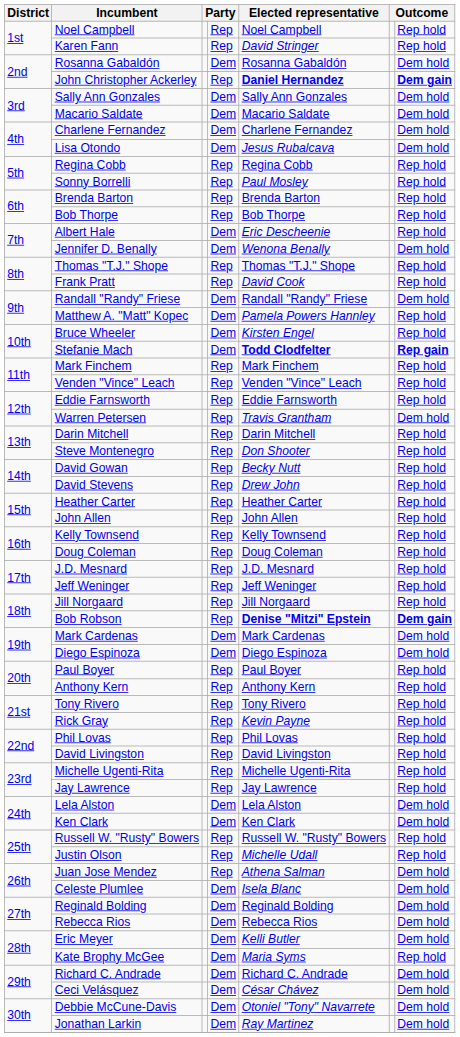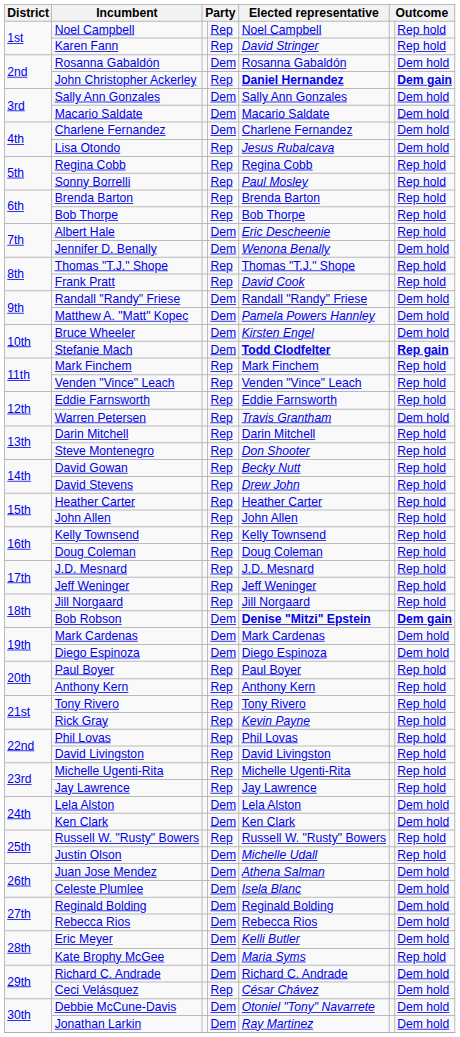 <table class="sortable wikitable" style="font-size:95%;line-height:14px;">
 <tr>
 <th>District</th>
 <th>Incumbent</th>
 <th colspan="2">Party</th>
 <th>Elected representative</th>
 <th colspan="2">Outcome</th>
 </tr>
 <tr>
 <td rowspan="2"><a href='#'>1st</a></td>
 <td><a href='#'>Noel Campbell</a></td>
 <td style="background:"></td>
 <td><a href='#'>Rep</a></td>
 <td><a href='#'>Noel Campbell</a></td>
 <td style="background:"></td>
 <td><a href='#'>Rep hold</a></td>
 </tr>
 <tr>
 <td><a href='#'>Karen Fann</a></td>
 <td style="background:"></td>
 <td><a href='#'>Rep</a></td>
 <td><em><a href='#'>David Stringer</a></em></td>
 <td style="background:"></td>
 <td><a href='#'>Rep hold</a></td>
 </tr>
 <tr>
 <td rowspan="2"><a href='#'>2nd</a></td>
 <td><a href='#'>Rosanna Gabaldón</a></td>
 <td style="background:"></td>
 <td><a href='#'>Dem</a></td>
 <td><a href='#'>Rosanna Gabaldón</a></td>
 <td style="background:"></td>
 <td><a href='#'>Dem hold</a></td>
 </tr>
 <tr>
 <td><a href='#'>John Christopher Ackerley</a></td>
 <td style="background:"></td>
 <td><a href='#'>Rep</a></td>
 <td><strong><a href='#'>Daniel Hernandez</a></strong></td>
 <td style="background:"></td>
 <td><strong><a href='#'>Dem gain</a></strong></td>
 </tr>
 <tr>
 <td rowspan="2"><a href='#'>3rd</a></td>
 <td><a href='#'>Sally Ann Gonzales</a></td>
 <td style="background:"></td>
 <td><a href='#'>Dem</a></td>
 <td><a href='#'>Sally Ann Gonzales</a></td>
 <td style="background:"></td>
 <td><a href='#'>Dem hold</a></td>
 </tr>
 <tr>
 <td><a href='#'>Macario Saldate</a></td>
 <td style="background:"></td>
 <td><a href='#'>Dem</a></td>
 <td><a href='#'>Macario Saldate</a></td>
 <td style="background:"></td>
 <td><a href='#'>Dem hold</a></td>
 </tr>
 <tr>
 <td rowspan="2"><a href='#'>4th</a></td>
 <td><a href='#'>Charlene Fernandez</a></td>
 <td style="background:"></td>
 <td><a href='#'>Dem</a></td>
 <td><a href='#'>Charlene Fernandez</a></td>
 <td style="background:"></td>
 <td><a href='#'>Dem hold</a></td>
 </tr>
 <tr>
 <td><a href='#'>Lisa Otondo</a></td>
 <td style="background:"></td>
-<td><a href='#'>Dem</a></td>
+<td><a href='#'>Rep</a></td>
 <td><em><a href='#'>Jesus Rubalcava</a></em></td>
 <td style="background:"></td>
 <td><a href='#'>Dem hold</a></td>
 </tr>
 <tr>
 <td rowspan="2"><a href='#'>5th</a></td>
 <td><a href='#'>Regina Cobb</a></td>
 <td style="background:"></td>
 <td><a href='#'>Rep</a></td>
 <td><a href='#'>Regina Cobb</a></td>
 <td style="background:"></td>
 <td><a href='#'>Rep hold</a></td>
 </tr>
 <tr>
 <td><a href='#'>Sonny Borrelli</a></td>
 <td style="background:"></td>
 <td><a href='#'>Rep</a></td>
 <td><em><a href='#'>Paul Mosley</a></em></td>
 <td style="background:"></td>
 <td><a href='#'>Rep hold</a></td>
 </tr>
 <tr>
 <td rowspan="2"><a href='#'>6th</a></td>
 <td><a href='#'>Brenda Barton</a></td>
 <td style="background:"></td>
 <td><a href='#'>Rep</a></td>
 <td><a href='#'>Brenda Barton</a></td>
 <td style="background:"></td>
 <td><a href='#'>Rep hold</a></td>
 </tr>
 <tr>
 <td><a href='#'>Bob Thorpe</a></td>
 <td style="background:"></td>
 <td><a href='#'>Rep</a></td>
 <td><a href='#'>Bob Thorpe</a></td>
 <td style="background:"></td>
 <td><a href='#'>Rep hold</a></td>
 </tr>
 <tr>
 <td rowspan="2"><a href='#'>7th</a></td>
 <td><a href='#'>Albert Hale</a></td>
 <td style="background:"></td>
 <td><a href='#'>Dem</a></td>
 <td><em><a href='#'>Eric Descheenie</a></em></td>
 <td style="background:"></td>
 <td><a href='#'>Rep hold</a></td>
 </tr>
 <tr>
 <td><a href='#'>Jennifer D. Benally</a></td>
 <td style="background:"></td>
 <td><a href='#'>Dem</a></td>
 <td><em><a href='#'>Wenona Benally</a></em></td>
 <td style="background:"></td>
 <td><a href='#'>Dem hold</a></td>
 </tr>
 <tr>
 <td rowspan="2"><a href='#'>8th</a></td>
 <td><a href='#'>Thomas "T.J." Shope</a></td>
 <td style="background:"></td>
 <td><a href='#'>Rep</a></td>
 <td><a href='#'>Thomas "T.J." Shope</a></td>
 <td style="background:"></td>
 <td><a href='#'>Rep hold</a></td>
 </tr>
 <tr>
 <td><a href='#'>Frank Pratt</a></td>
 <td style="background:"></td>
 <td><a href='#'>Rep</a></td>
 <td><em><a href='#'>David Cook</a></em></td>
 <td style="background:"></td>
 <td><a href='#'>Rep hold</a></td>
 </tr>
 <tr>
 <td rowspan="2"><a href='#'>9th</a></td>
 <td><a href='#'>Randall "Randy" Friese</a></td>
 <td style="background:"></td>
 <td><a href='#'>Dem</a></td>
 <td><a href='#'>Randall "Randy" Friese</a></td>
 <td style="background:"></td>
 <td><a href='#'>Dem hold</a></td>
 </tr>
 <tr>
 <td><a href='#'>Matthew A. "Matt" Kopec</a></td>
 <td style="background:"></td>
 <td><a href='#'>Dem</a></td>
 <td><em><a href='#'>Pamela Powers Hannley</a></em></td>
 <td style="background:"></td>
-<td><a href='#'>Rep hold</a></td>
+<td><a href='#'>Dem hold</a></td>
 </tr>
 <tr>
 <td rowspan="2"><a href='#'>10th</a></td>
 <td><a href='#'>Bruce Wheeler</a></td>
 <td style="background:"></td>
 <td><a href='#'>Dem</a></td>
 <td><em><a href='#'>Kirsten Engel</a></em></td>
 <td style="background:"></td>
-<td><a href='#'>Rep hold</a></td>
+<td><a href='#'>Dem hold</a></td>
 </tr>
 <tr>
 <td><a href='#'>Stefanie Mach</a></td>
 <td style="background:"></td>
 <td><a href='#'>Dem</a></td>
 <td><strong><a href='#'>Todd Clodfelter</a></strong></td>
 <td style="background:"></td>
 <td><strong><a href='#'>Rep gain</a></strong></td>
 </tr>
 <tr>
 <td rowspan="2"><a href='#'>11th</a></td>
 <td><a href='#'>Mark Finchem</a></td>
 <td style="background:"></td>
 <td><a href='#'>Rep</a></td>
 <td><a href='#'>Mark Finchem</a></td>
 <td style="background:"></td>
 <td><a href='#'>Rep hold</a></td>
 </tr>
 <tr>
 <td><a href='#'>Venden "Vince" Leach</a></td>
 <td style="background:"></td>
 <td><a href='#'>Rep</a></td>
 <td><a href='#'>Venden "Vince" Leach</a></td>
 <td style="background:"></td>
 <td><a href='#'>Rep hold</a></td>
 </tr>
 <tr>
 <td rowspan="2"><a href='#'>12th</a></td>
 <td><a href='#'>Eddie Farnsworth</a></td>
 <td style="background:"></td>
 <td><a href='#'>Rep</a></td>
 <td><a href='#'>Eddie Farnsworth</a></td>
 <td style="background:"></td>
 <td><a href='#'>Rep hold</a></td>
 </tr>
 <tr>
 <td><a href='#'>Warren Petersen</a></td>
 <td style="background:"></td>
 <td><a href='#'>Rep</a></td>
 <td><em><a href='#'>Travis Grantham</a></em></td>
 <td style="background:"></td>
 <td><a href='#'>Dem hold</a></td>
 </tr>
 <tr>
 <td rowspan="2"><a href='#'>13th</a></td>
 <td><a href='#'>Darin Mitchell</a></td>
 <td style="background:"></td>
 <td><a href='#'>Rep</a></td>
 <td><a href='#'>Darin Mitchell</a></td>
 <td style="background:"></td>
 <td><a href='#'>Rep hold</a></td>
 </tr>
 <tr>
 <td><a href='#'>Steve Montenegro</a></td>
 <td style="background:"></td>
 <td><a href='#'>Rep</a></td>
 <td><em><a href='#'>Don Shooter</a></em></td>
 <td style="background:"></td>
 <td><a href='#'>Rep hold</a></td>
 </tr>
 <tr>
 <td rowspan="2"><a href='#'>14th</a></td>
 <td><a href='#'>David Gowan</a></td>
 <td style="background:"></td>
 <td><a href='#'>Rep</a></td>
 <td><em><a href='#'>Becky Nutt</a></em></td>
 <td style="background:"></td>
 <td><a href='#'>Rep hold</a></td>
 </tr>
 <tr>
 <td><a href='#'>David Stevens</a></td>
 <td style="background:"></td>
 <td><a href='#'>Rep</a></td>
 <td><em><a href='#'>Drew John</a></em></td>
 <td style="background:"></td>
 <td><a href='#'>Rep hold</a></td>
 </tr>
 <tr>
 <td rowspan="2"><a href='#'>15th</a></td>
 <td><a href='#'>Heather Carter</a></td>
 <td style="background:"></td>
 <td><a href='#'>Rep</a></td>
 <td><a href='#'>Heather Carter</a></td>
 <td style="background:"></td>
 <td><a href='#'>Rep hold</a></td>
 </tr>
 <tr>
 <td><a href='#'>John Allen</a></td>
 <td style="background:"></td>
 <td><a href='#'>Rep</a></td>
 <td><a href='#'>John Allen</a></td>
 <td style="background:"></td>
 <td><a href='#'>Rep hold</a></td>
 </tr>
 <tr>
 <td rowspan="2"><a href='#'>16th</a></td>
 <td><a href='#'>Kelly Townsend</a></td>
 <td style="background:"></td>
 <td><a href='#'>Rep</a></td>
 <td><a href='#'>Kelly Townsend</a></td>
 <td style="background:"></td>
 <td><a href='#'>Rep hold</a></td>
 </tr>
 <tr>
 <td><a href='#'>Doug Coleman</a></td>
 <td style="background:"></td>
 <td><a href='#'>Rep</a></td>
 <td><a href='#'>Doug Coleman</a></td>
 <td style="background:"></td>
 <td><a href='#'>Rep hold</a></td>
 </tr>
 <tr>
 <td rowspan="2"><a href='#'>17th</a></td>
 <td><a href='#'>J.D. Mesnard</a></td>
 <td style="background:"></td>
 <td><a href='#'>Rep</a></td>
 <td><a href='#'>J.D. Mesnard</a></td>
 <td style="background:"></td>
 <td><a href='#'>Rep hold</a></td>
 </tr>
 <tr>
 <td><a href='#'>Jeff Weninger</a></td>
 <td style="background:"></td>
 <td><a href='#'>Rep</a></td>
 <td><a href='#'>Jeff Weninger</a></td>
 <td style="background:"></td>
 <td><a href='#'>Rep hold</a></td>
 </tr>
 <tr>
 <td rowspan="2"><a href='#'>18th</a></td>
 <td><a href='#'>Jill Norgaard</a></td>
 <td style="background:"></td>
 <td><a href='#'>Rep</a></td>
 <td><a href='#'>Jill Norgaard</a></td>
 <td style="background:"></td>
 <td><a href='#'>Rep hold</a></td>
 </tr>
 <tr>
 <td><a href='#'>Bob Robson</a></td>
 <td style="background:"></td>
-<td><a href='#'>Rep</a></td>
+<td><a href='#'>Dem</a></td>
 <td><strong><a href='#'>Denise "Mitzi" Epstein</a></strong></td>
 <td style="background:"></td>
 <td><strong><a href='#'>Dem gain</a></strong></td>
 </tr>
 <tr>
 <td rowspan="2"><a href='#'>19th</a></td>
 <td><a href='#'>Mark Cardenas</a></td>
 <td style="background:"></td>
 <td><a href='#'>Dem</a></td>
 <td><a href='#'>Mark Cardenas</a></td>
 <td style="background:"></td>
 <td><a href='#'>Dem hold</a></td>
 </tr>
 <tr>
 <td><a href='#'>Diego Espinoza</a></td>
 <td style="background:"></td>
 <td><a href='#'>Dem</a></td>
 <td><a href='#'>Diego Espinoza</a></td>
 <td style="background:"></td>
 <td><a href='#'>Dem hold</a></td>
 </tr>
 <tr>
 <td rowspan="2"><a href='#'>20th</a></td>
 <td><a href='#'>Paul Boyer</a></td>
 <td style="background:"></td>
 <td><a href='#'>Rep</a></td>
 <td><a href='#'>Paul Boyer</a></td>
 <td style="background:"></td>
 <td><a href='#'>Rep hold</a></td>
 </tr>
 <tr>
 <td><a href='#'>Anthony Kern</a></td>
 <td style="background:"></td>
 <td><a href='#'>Rep</a></td>
 <td><a href='#'>Anthony Kern</a></td>
 <td style="background:"></td>
 <td><a href='#'>Rep hold</a></td>
 </tr>
 <tr>
 <td rowspan="2"><a href='#'>21st</a></td>
 <td><a href='#'>Tony Rivero</a></td>
 <td style="background:"></td>
 <td><a href='#'>Rep</a></td>
 <td><a href='#'>Tony Rivero</a></td>
 <td style="background:"></td>
 <td><a href='#'>Rep hold</a></td>
 </tr>
 <tr>
 <td><a href='#'>Rick Gray</a></td>
 <td style="background:"></td>
 <td><a href='#'>Rep</a></td>
 <td><em><a href='#'>Kevin Payne</a></em></td>
 <td style="background:"></td>
 <td><a href='#'>Rep hold</a></td>
 </tr>
 <tr>
 <td rowspan="2"><a href='#'>22nd</a></td>
 <td><a href='#'>Phil Lovas</a></td>
 <td style="background:"></td>
 <td><a href='#'>Rep</a></td>
 <td><a href='#'>Phil Lovas</a></td>
 <td style="background:"></td>
 <td><a href='#'>Rep hold</a></td>
 </tr>
 <tr>
 <td><a href='#'>David Livingston</a></td>
 <td style="background:"></td>
 <td><a href='#'>Rep</a></td>
 <td><a href='#'>David Livingston</a></td>
 <td style="background:"></td>
 <td><a href='#'>Rep hold</a></td>
 </tr>
 <tr>
 <td rowspan="2"><a href='#'>23rd</a></td>
 <td><a href='#'>Michelle Ugenti-Rita</a></td>
 <td style="background:"></td>
 <td><a href='#'>Rep</a></td>
 <td><a href='#'>Michelle Ugenti-Rita</a></td>
 <td style="background:"></td>
 <td><a href='#'>Rep hold</a></td>
 </tr>
 <tr>
 <td><a href='#'>Jay Lawrence</a></td>
 <td style="background:"></td>
 <td><a href='#'>Rep</a></td>
 <td><a href='#'>Jay Lawrence</a></td>
 <td style="background:"></td>
 <td><a href='#'>Rep hold</a></td>
 </tr>
 <tr>
 <td rowspan="2"><a href='#'>24th</a></td>
 <td><a href='#'>Lela Alston</a></td>
 <td style="background:"></td>
 <td><a href='#'>Dem</a></td>
 <td><a href='#'>Lela Alston</a></td>
 <td style="background:"></td>
 <td><a href='#'>Dem hold</a></td>
 </tr>
 <tr>
 <td><a href='#'>Ken Clark</a></td>
 <td style="background:"></td>
 <td><a href='#'>Dem</a></td>
 <td><a href='#'>Ken Clark</a></td>
 <td style="background:"></td>
 <td><a href='#'>Dem hold</a></td>
 </tr>
 <tr>
 <td rowspan="2"><a href='#'>25th</a></td>
 <td><a href='#'>Russell W. "Rusty" Bowers</a></td>
 <td style="background:"></td>
 <td><a href='#'>Rep</a></td>
 <td><a href='#'>Russell W. "Rusty" Bowers</a></td>
 <td style="background:"></td>
 <td><a href='#'>Rep hold</a></td>
 </tr>
 <tr>
 <td><a href='#'>Justin Olson</a></td>
 <td style="background:"></td>
-<td><a href='#'>Rep</a></td>
+<td><a href='#'>Dem</a></td>
 <td><em><a href='#'>Michelle Udall</a></em></td>
 <td style="background:"></td>
 <td><a href='#'>Rep hold</a></td>
 </tr>
 <tr>
 <td rowspan="2"><a href='#'>26th</a></td>
 <td><a href='#'>Juan Jose Mendez</a></td>
 <td style="background:"></td>
-<td><a href='#'>Rep</a></td>
+<td><a href='#'>Dem</a></td>
 <td><em><a href='#'>Athena Salman</a></em></td>
 <td style="background:"></td>
 <td><a href='#'>Dem hold</a></td>
 </tr>
 <tr>
 <td><a href='#'>Celeste Plumlee</a></td>
 <td style="background:"></td>
 <td><a href='#'>Dem</a></td>
 <td><em><a href='#'>Isela Blanc</a></em></td>
 <td style="background:"></td>
 <td><a href='#'>Dem hold</a></td>
 </tr>
 <tr>
 <td rowspan="2"><a href='#'>27th</a></td>
 <td><a href='#'>Reginald Bolding</a></td>
 <td style="background:"></td>
 <td><a href='#'>Dem</a></td>
 <td><a href='#'>Reginald Bolding</a></td>
 <td style="background:"></td>
 <td><a href='#'>Dem hold</a></td>
 </tr>
 <tr>
 <td><a href='#'>Rebecca Rios</a></td>
 <td style="background:"></td>
 <td><a href='#'>Dem</a></td>
 <td><a href='#'>Rebecca Rios</a></td>
 <td style="background:"></td>
 <td><a href='#'>Dem hold</a></td>
 </tr>
 <tr>
 <td rowspan="2"><a href='#'>28th</a></td>
 <td><a href='#'>Eric Meyer</a></td>
 <td style="background:"></td>
 <td><a href='#'>Dem</a></td>
 <td><em><a href='#'>Kelli Butler</a></em></td>
 <td style="background:"></td>
 <td><a href='#'>Dem hold</a></td>
 </tr>
 <tr>
 <td><a href='#'>Kate Brophy McGee</a></td>
 <td style="background:"></td>
 <td><a href='#'>Dem</a></td>
 <td><em><a href='#'>Maria Syms</a></em></td>
 <td style="background:"></td>
 <td><a href='#'>Rep hold</a></td>
 </tr>
 <tr>
 <td rowspan="2"><a href='#'>29th</a></td>
 <td><a href='#'>Richard C. Andrade</a></td>
 <td style="background:"></td>
 <td><a href='#'>Dem</a></td>
 <td><a href='#'>Richard C. Andrade</a></td>
 <td style="background:"></td>
 <td><a href='#'>Dem hold</a></td>
 </tr>
 <tr>
 <td><a href='#'>Ceci Velásquez</a></td>
 <td style="background:"></td>
-<td><a href='#'>Dem</a></td>
+<td><a href='#'>Rep</a></td>
 <td><em><a href='#'>César Chávez</a></em></td>
 <td style="background:"></td>
 <td><a href='#'>Dem hold</a></td>
 </tr>
 <tr>
 <td rowspan="2"><a href='#'>30th</a></td>
 <td><a href='#'>Debbie McCune-Davis</a></td>
 <td style="background:"></td>
 <td><a href='#'>Dem</a></td>
 <td><em><a href='#'>Otoniel "Tony" Navarrete</a></em></td>
 <td style="background:"></td>
 <td><a href='#'>Dem hold</a></td>
 </tr>
 <tr>
 <td><a href='#'>Jonathan Larkin</a></td>
 <td style="background:"></td>
 <td><a href='#'>Dem</a></td>
 <td><em><a href='#'>Ray Martinez</a></em></td>
 <td style="background:"></td>
 <td><a href='#'>Dem hold</a></td>
 </tr>
 <tr>
 </tr>
 </table>
